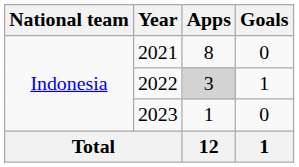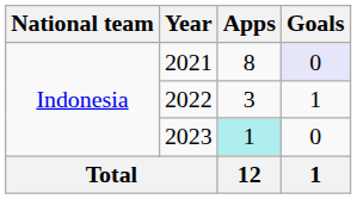 <table class="wikitable" style="text-align:center">
 <tr>
 <th>National team</th>
 <th>Year</th>
 <th>Apps</th>
 <th>Goals</th>
 </tr>
 <tr>
 <td rowspan=3><a href='#'>Indonesia</a></td>
 <td>2021</td>
 <td>8</td>
-<td>0</td>
+<td style="background: lavender;">0</td>
 </tr>
 <tr>
 <td>2022</td>
-<td style="background: lightgrey;">3</td>
+<td>3</td>
 <td>1</td>
 </tr>
 <tr>
 <td>2023</td>
-<td>1</td>
+<td style="background: paleturquoise;">1</td>
 <td>0</td>
 </tr>
 <tr>
 <th colspan=2>Total</th>
 <th>12</th>
 <th>1</th>
 </tr>
 </table>
